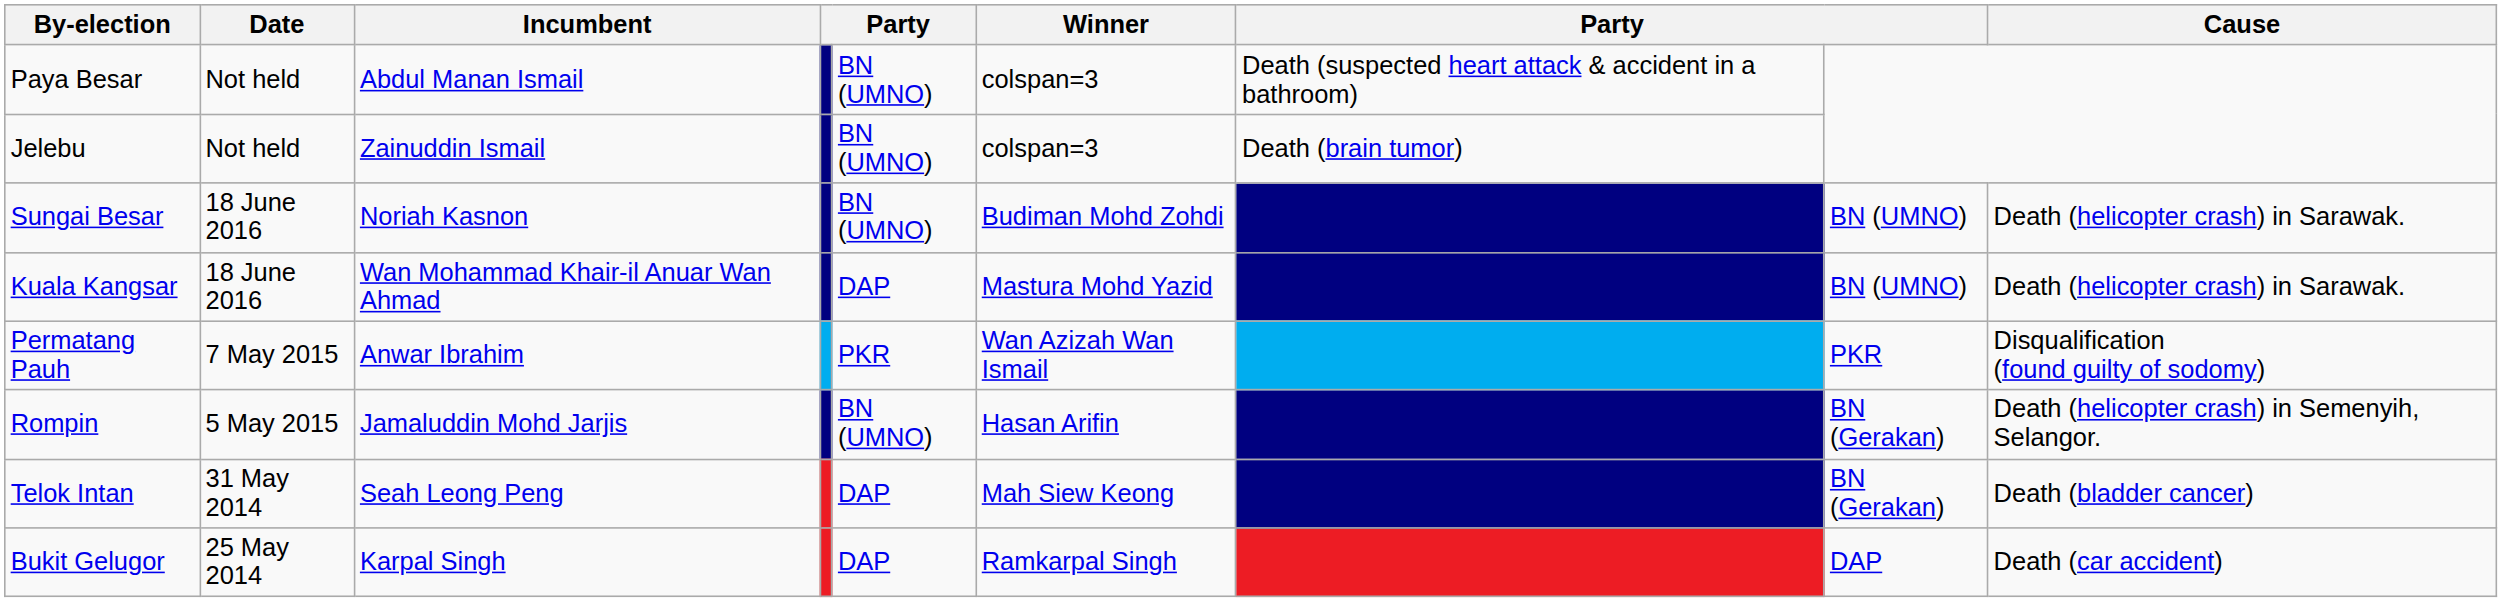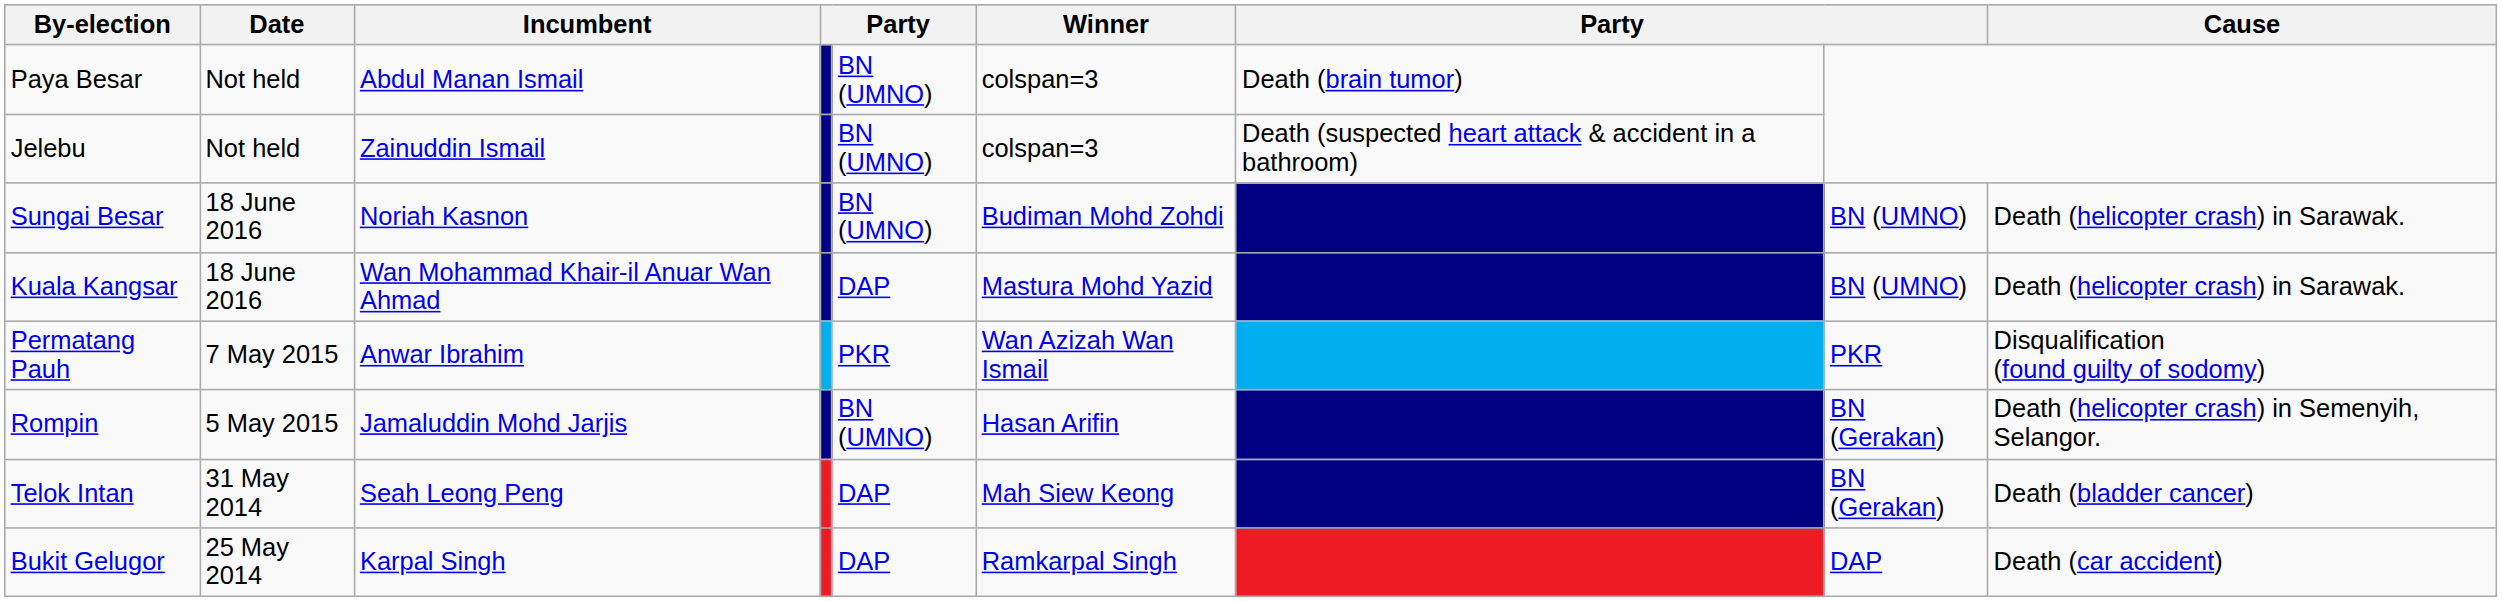 <table class="wikitable">
 <tr>
 <th>By-election</th>
 <th>Date</th>
 <th>Incumbent</th>
 <th colspan=2>Party</th>
 <th>Winner</th>
 <th colspan=2>Party</th>
 <th>Cause</th>
 </tr>
 <tr>
 <td>Paya Besar</td>
 <td>Not held</td>
 <td><a href='#'>Abdul Manan Ismail</a></td>
 <td bgcolor=#000080></td>
 <td><a href='#'>BN</a> (<a href='#'>UMNO</a>)</td>
 <td>colspan=3 </td>
-<td>Death (suspected <a href='#'>heart attack</a> & accident in a bathroom)</td>
+<td>Death (<a href='#'>brain tumor</a>)</td>
 </tr>
 <tr>
 <td>Jelebu</td>
 <td>Not held</td>
 <td><a href='#'>Zainuddin Ismail</a></td>
 <td bgcolor=#000080></td>
 <td><a href='#'>BN</a> (<a href='#'>UMNO</a>)</td>
 <td>colspan=3 </td>
-<td>Death (<a href='#'>brain tumor</a>)</td>
+<td>Death (suspected <a href='#'>heart attack</a> & accident in a bathroom)</td>
 </tr>
 <tr>
 <td><a href='#'>Sungai Besar</a></td>
 <td>18 June 2016</td>
 <td><a href='#'>Noriah Kasnon</a></td>
 <td bgcolor=#000080></td>
 <td><a href='#'>BN</a> (<a href='#'>UMNO</a>)</td>
 <td><a href='#'>Budiman Mohd Zohdi</a></td>
 <td bgcolor=#000080></td>
 <td><a href='#'>BN</a> (<a href='#'>UMNO</a>)</td>
 <td>Death (<a href='#'>helicopter crash</a>) in Sarawak.</td>
 </tr>
 <tr>
 <td><a href='#'>Kuala Kangsar</a></td>
 <td>18 June 2016</td>
 <td><a href='#'>Wan Mohammad Khair-il Anuar Wan Ahmad</a></td>
 <td bgcolor=#000080></td>
 <td><a href='#'>DAP</a></td>
 <td><a href='#'>Mastura Mohd Yazid</a></td>
 <td bgcolor=#000080></td>
 <td><a href='#'>BN</a> (<a href='#'>UMNO</a>)</td>
 <td>Death (<a href='#'>helicopter crash</a>) in Sarawak.</td>
 </tr>
 <tr>
 <td><a href='#'>Permatang Pauh</a></td>
 <td>7 May 2015</td>
 <td><a href='#'>Anwar Ibrahim</a></td>
 <td bgcolor=#00ADEF></td>
 <td><a href='#'>PKR</a></td>
 <td><a href='#'>Wan Azizah Wan Ismail</a></td>
 <td bgcolor=#00ADEF></td>
 <td><a href='#'>PKR</a></td>
 <td>Disqualification<br>(<a href='#'>found guilty of sodomy</a>)</td>
 </tr>
 <tr>
 <td><a href='#'>Rompin</a></td>
 <td>5 May 2015</td>
 <td><a href='#'>Jamaluddin Mohd Jarjis</a></td>
 <td bgcolor=#000080></td>
 <td><a href='#'>BN</a> (<a href='#'>UMNO</a>)</td>
 <td><a href='#'>Hasan Arifin</a></td>
 <td bgcolor=#000080></td>
 <td><a href='#'>BN</a> (<a href='#'>Gerakan</a>)</td>
 <td>Death (<a href='#'>helicopter crash</a>) in Semenyih, Selangor.</td>
 </tr>
 <tr>
 <td><a href='#'>Telok Intan</a></td>
 <td>31 May 2014</td>
 <td><a href='#'>Seah Leong Peng</a></td>
 <td bgcolor=#ED1C24></td>
 <td><a href='#'>DAP</a></td>
 <td><a href='#'>Mah Siew Keong</a></td>
 <td bgcolor=#000080></td>
 <td><a href='#'>BN</a> (<a href='#'>Gerakan</a>)</td>
 <td>Death (<a href='#'>bladder cancer</a>)</td>
 </tr>
 <tr>
 <td><a href='#'>Bukit Gelugor</a></td>
 <td>25 May 2014</td>
 <td><a href='#'>Karpal Singh</a></td>
 <td bgcolor=#ED1C24></td>
 <td><a href='#'>DAP</a></td>
 <td><a href='#'>Ramkarpal Singh</a></td>
 <td bgcolor=#ED1C24></td>
 <td><a href='#'>DAP</a></td>
 <td>Death (<a href='#'>car accident</a>)</td>
 </tr>
 </table>
